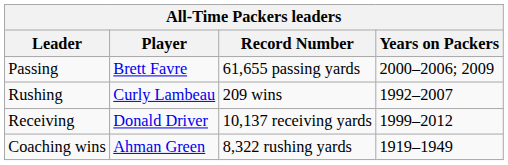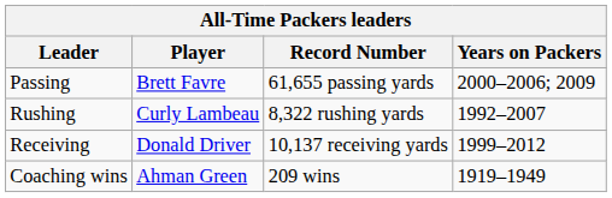 <table class="wikitable">
 <tr>
 <th colspan="4">All-Time Packers leaders</th>
 </tr>
 <tr>
 <th>Leader</th>
 <th>Player</th>
 <th>Record Number</th>
 <th>Years on Packers</th>
 </tr>
 <tr>
 <td>Passing</td>
 <td><a href='#'>Brett Favre</a></td>
 <td>61,655 passing yards</td>
 <td>2000–2006; 2009</td>
 </tr>
 <tr>
 <td>Rushing</td>
 <td><a href='#'>Curly Lambeau</a></td>
-<td>209 wins</td>
+<td>8,322 rushing yards</td>
 <td>1992–2007</td>
 </tr>
 <tr>
 <td>Receiving</td>
 <td><a href='#'>Donald Driver</a></td>
 <td>10,137 receiving yards</td>
 <td>1999–2012</td>
 </tr>
 <tr>
 <td>Coaching wins</td>
 <td><a href='#'>Ahman Green</a></td>
-<td>8,322 rushing yards</td>
+<td>209 wins</td>
 <td>1919–1949</td>
 </tr>
 </table>
